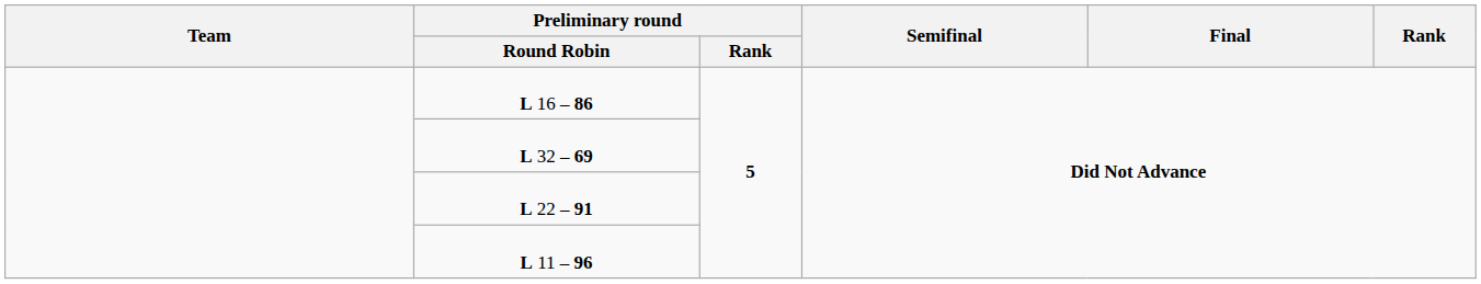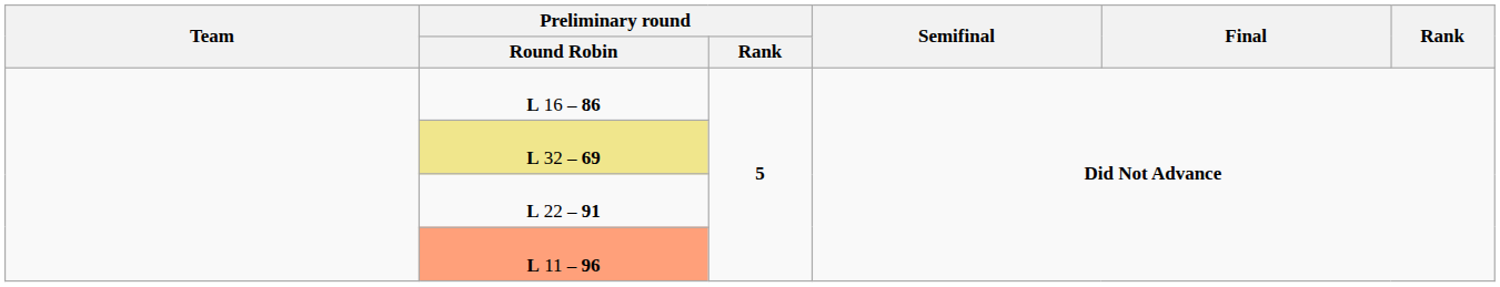 <table class="wikitable" width="90%" style="text-align:left; font-size:90%">
 <tr>
 <th rowspan="2" width="20%">Team</th>
 <th colspan="2">Preliminary round</th>
 <th rowspan="2" width="14%">Semifinal</th>
 <th rowspan="2" width="14%">Final</th>
 <th rowspan="2" width="5%">Rank</th>
 </tr>
 <tr>
 <th width="14%">Round Robin</th>
 <th width="5%">Rank</th>
 </tr>
 <tr>
 <td rowspan="4"></td>
 <td align=center><br><strong>L</strong> 16 – <strong>86</strong></td>
 <td rowspan=4 align=center><strong>5</strong></td>
 <td rowspan=4 colspan=3 align=center><strong>Did Not Advance</strong></td>
 </tr>
 <tr>
-<td align=center><br><strong>L</strong> 32 – <strong>69</strong></td>
+<td align=center style="background: khaki;"><br><strong>L</strong> 32 – <strong>69</strong></td>
 </tr>
 <tr>
 <td align=center><br><strong>L</strong> 22 – <strong>91</strong></td>
 </tr>
 <tr>
-<td align=center><br><strong>L</strong> 11 – <strong>96</strong></td>
+<td align=center style="background: lightsalmon;"><br><strong>L</strong> 11 – <strong>96</strong></td>
 </tr>
 </table>
